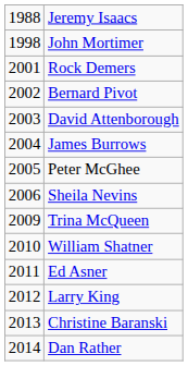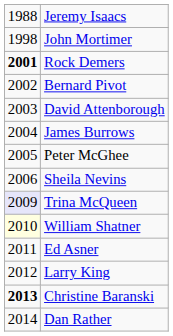 <table class="wikitable">
 <tr>
 <td>1988</td>
 <td><a href='#'>Jeremy Isaacs</a></td>
 </tr>
 <tr>
 <td>1998</td>
 <td><a href='#'>John Mortimer</a></td>
 </tr>
 <tr>
-<td>2001</td>
+<td><strong>2001</strong></td>
 <td><a href='#'>Rock Demers</a></td>
 </tr>
 <tr>
 <td>2002</td>
 <td><a href='#'>Bernard Pivot</a></td>
 </tr>
 <tr>
 <td>2003</td>
 <td><a href='#'>David Attenborough</a></td>
 </tr>
 <tr>
 <td>2004</td>
 <td><a href='#'>James Burrows</a></td>
 </tr>
 <tr>
 <td>2005</td>
 <td>Peter McGhee</td>
 </tr>
 <tr>
 <td>2006</td>
 <td><a href='#'>Sheila Nevins</a></td>
 </tr>
 <tr>
-<td>2009</td>
+<td style="background: lavender;">2009</td>
 <td><a href='#'>Trina McQueen</a></td>
 </tr>
 <tr>
-<td>2010</td>
+<td style="background: lightyellow;">2010</td>
 <td><a href='#'>William Shatner</a></td>
 </tr>
 <tr>
 <td>2011</td>
 <td><a href='#'>Ed Asner</a></td>
 </tr>
 <tr>
 <td>2012</td>
 <td><a href='#'>Larry King</a></td>
 </tr>
 <tr>
-<td>2013</td>
+<td><strong>2013</strong></td>
 <td><a href='#'>Christine Baranski</a></td>
 </tr>
 <tr>
 <td>2014</td>
 <td><a href='#'>Dan Rather</a></td>
 </tr>
 </table>
